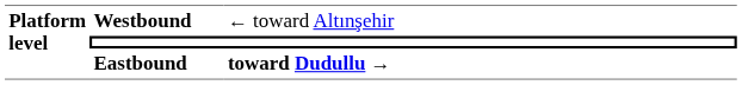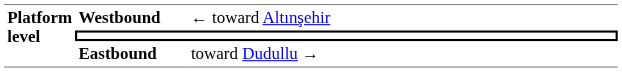 <table cellpadding="3" cellspacing="0" border="0">
 <tr>
 <td rowspan="3" width="50" style="border-top-color: gray; border-bottom-color: gray; border-top-width: 1px; border-bottom-width: 1px; border-top-style: solid; border-bottom-style: solid;" valign="top"><strong>Platform level</strong></td>
 <td width="100" style="border-top-color: gray; border-top-width: 1px; border-top-style: solid;"><strong>Westbound</strong></td>
 <td width="400" style="border-top-color: gray; border-top-width: 1px; border-top-style: solid;">←  toward <a href='#'>Altınşehir</a></td>
 </tr>
 <tr>
 <td colspan="2" style="border: 2px solid black; border-image: none; text-align: center;"></td>
 </tr>
 <tr>
 <td style="border-bottom-color: gray; border-bottom-width: 1px; border-bottom-style: solid;"><strong>Eastbound</strong></td>
-<td style="border-bottom-color: gray; border-bottom-width: 1px; border-bottom-style: solid;"><strong> toward <a href='#'>Dudullu</a> →</strong></td>
+<td style="border-bottom-color: gray; border-bottom-width: 1px; border-bottom-style: solid;"> toward <a href='#'>Dudullu</a> →</td>
 </tr>
 </table>
